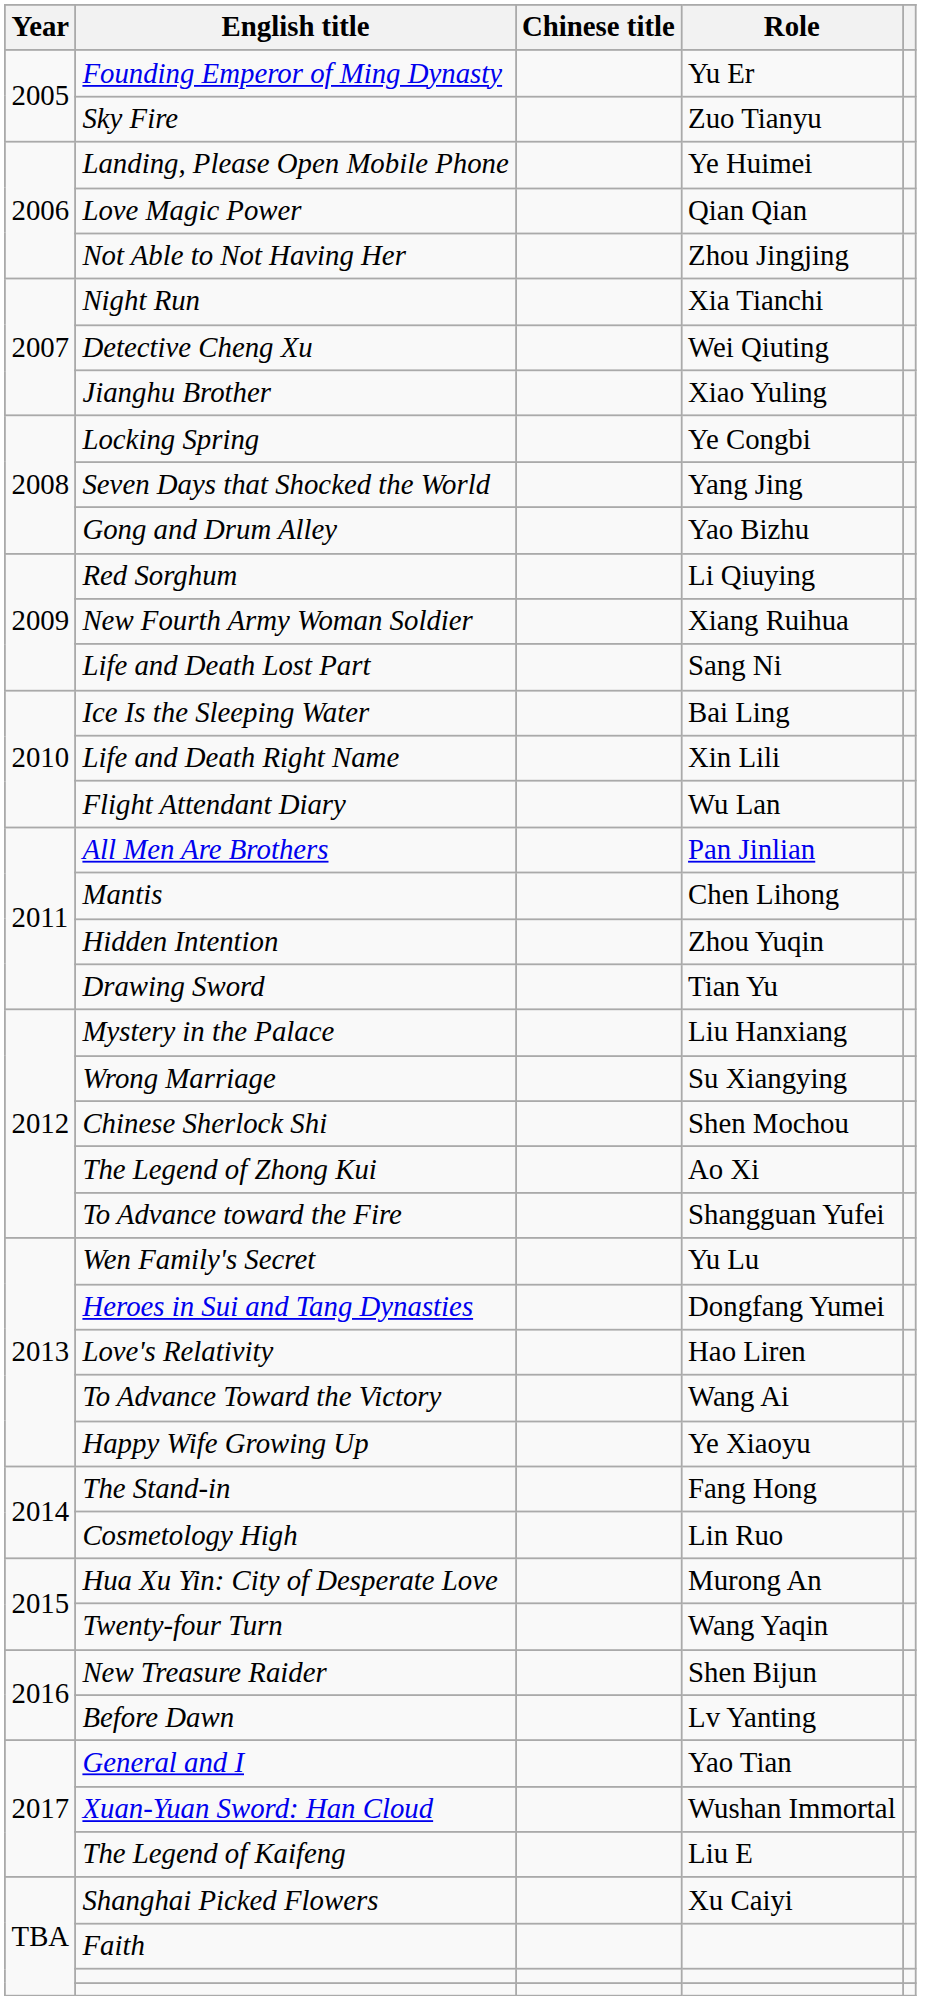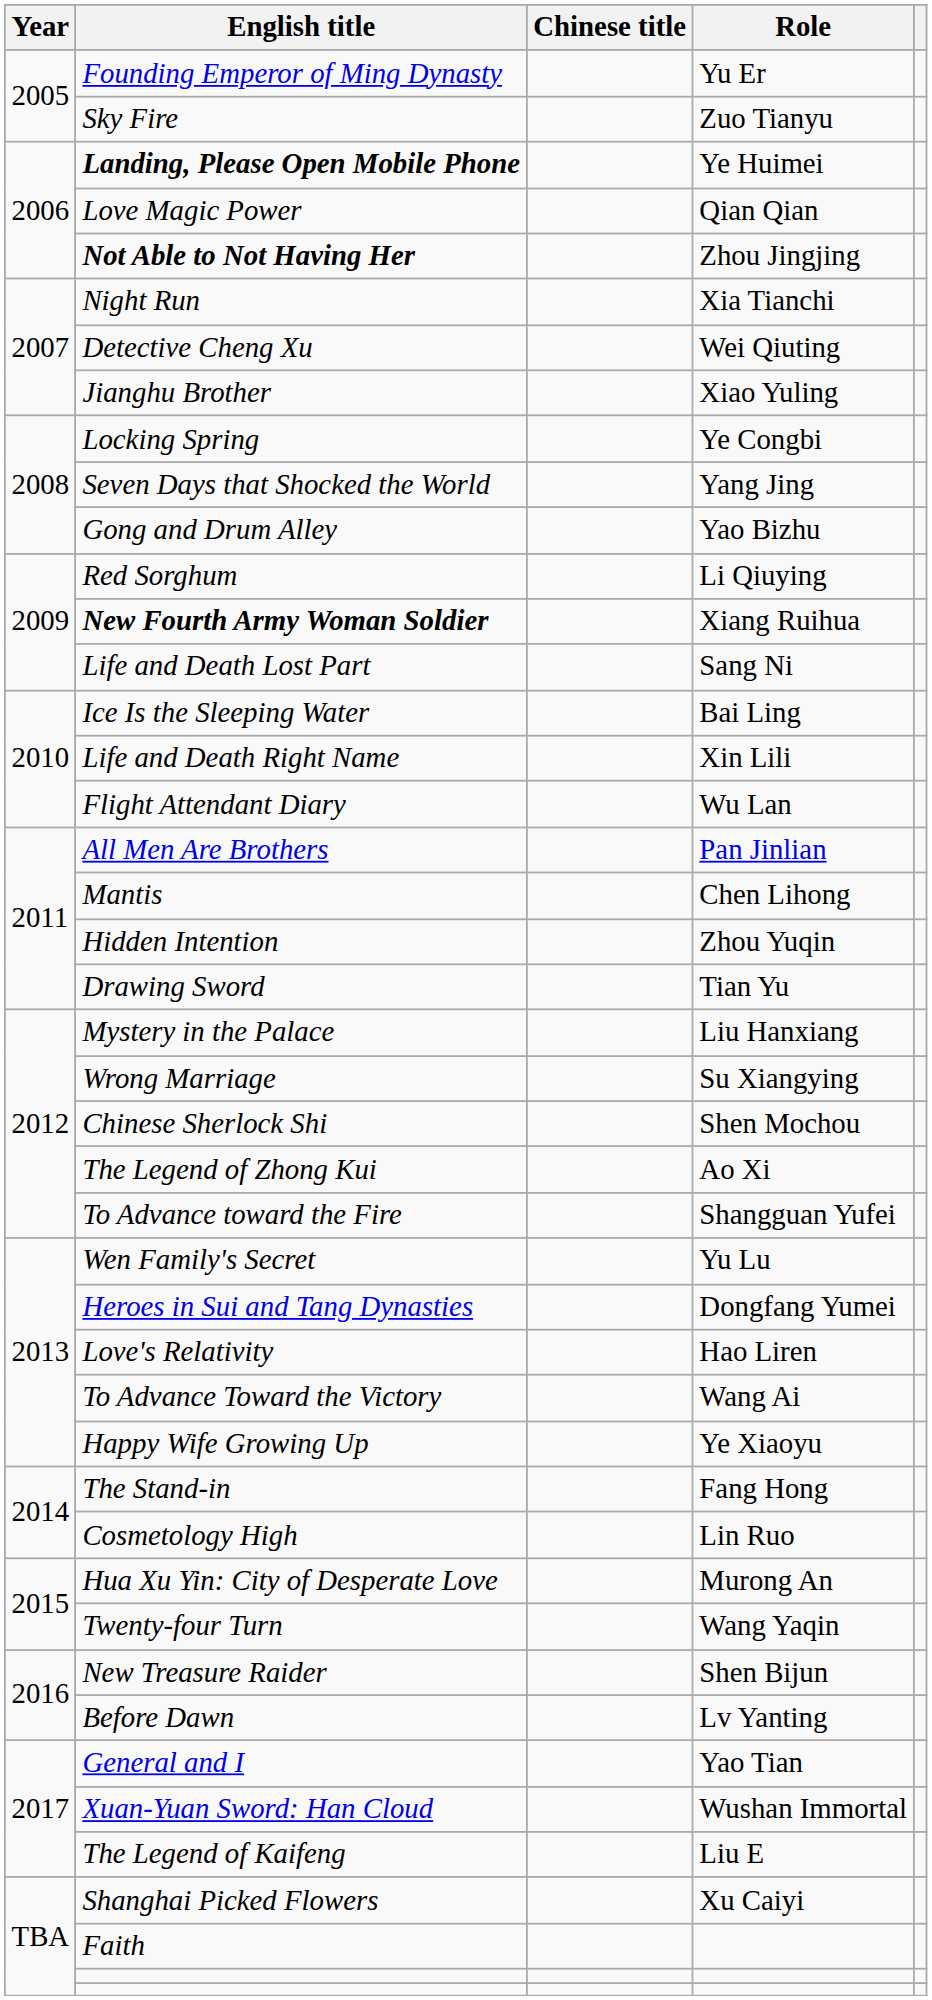 <table class="wikitable">
 <tr>
 <th>Year</th>
 <th>English title</th>
 <th>Chinese title</th>
 <th>Role</th>
 <th></th>
 </tr>
 <tr>
 <td rowspan="2">2005</td>
 <td><em><a href='#'>Founding Emperor of Ming Dynasty</a></em></td>
 <td></td>
 <td>Yu Er</td>
 <td></td>
 </tr>
 <tr>
 <td><em>Sky Fire</em></td>
 <td></td>
 <td>Zuo Tianyu</td>
 <td></td>
 </tr>
 <tr>
 <td rowspan="3">2006</td>
-<td><em>Landing, Please Open Mobile Phone</em></td>
+<td><strong><em>Landing, Please Open Mobile Phone</em></strong></td>
 <td></td>
 <td>Ye Huimei</td>
 <td></td>
 </tr>
 <tr>
 <td><em>Love Magic Power</em></td>
 <td></td>
 <td>Qian Qian</td>
 <td></td>
 </tr>
 <tr>
-<td><em>Not Able to Not Having Her</em></td>
+<td><strong><em>Not Able to Not Having Her</em></strong></td>
 <td></td>
 <td>Zhou Jingjing</td>
 <td></td>
 </tr>
 <tr>
 <td rowspan="3">2007</td>
 <td><em>Night Run</em></td>
 <td></td>
 <td>Xia Tianchi</td>
 <td></td>
 </tr>
 <tr>
 <td><em>Detective Cheng Xu</em></td>
 <td></td>
 <td>Wei Qiuting</td>
 <td></td>
 </tr>
 <tr>
 <td><em>Jianghu Brother</em></td>
 <td></td>
 <td>Xiao Yuling</td>
 <td></td>
 </tr>
 <tr>
 <td rowspan="3">2008</td>
 <td><em>Locking Spring</em></td>
 <td></td>
 <td>Ye Congbi</td>
 <td></td>
 </tr>
 <tr>
 <td><em>Seven Days that Shocked the World</em></td>
 <td></td>
 <td>Yang Jing</td>
 <td></td>
 </tr>
 <tr>
 <td><em>Gong and Drum Alley</em></td>
 <td></td>
 <td>Yao Bizhu</td>
 <td></td>
 </tr>
 <tr>
 <td rowspan="3">2009</td>
 <td><em>Red Sorghum</em></td>
 <td></td>
 <td>Li Qiuying</td>
 <td></td>
 </tr>
 <tr>
-<td><em>New Fourth Army Woman Soldier</em></td>
+<td><strong><em>New Fourth Army Woman Soldier</em></strong></td>
 <td></td>
 <td>Xiang Ruihua</td>
 <td></td>
 </tr>
 <tr>
 <td><em>Life and Death Lost Part</em></td>
 <td></td>
 <td>Sang Ni</td>
 <td></td>
 </tr>
 <tr>
 <td rowspan="3">2010</td>
 <td><em>Ice Is the Sleeping Water</em></td>
 <td></td>
 <td>Bai Ling</td>
 <td></td>
 </tr>
 <tr>
 <td><em>Life and Death Right Name</em></td>
 <td></td>
 <td>Xin Lili</td>
 <td></td>
 </tr>
 <tr>
 <td><em>Flight Attendant Diary</em></td>
 <td></td>
 <td>Wu Lan</td>
 <td></td>
 </tr>
 <tr>
 <td rowspan="4">2011</td>
 <td><em><a href='#'>All Men Are Brothers</a></em></td>
 <td></td>
 <td><a href='#'>Pan Jinlian</a></td>
 <td></td>
 </tr>
 <tr>
 <td><em>Mantis</em></td>
 <td></td>
 <td>Chen Lihong</td>
 <td></td>
 </tr>
 <tr>
 <td><em>Hidden Intention</em></td>
 <td></td>
 <td>Zhou Yuqin</td>
 <td></td>
 </tr>
 <tr>
 <td><em>Drawing Sword</em></td>
 <td></td>
 <td>Tian Yu</td>
 <td></td>
 </tr>
 <tr>
 <td rowspan="5">2012</td>
 <td><em>Mystery in the Palace</em></td>
 <td></td>
 <td>Liu Hanxiang</td>
 <td></td>
 </tr>
 <tr>
 <td><em>Wrong Marriage</em></td>
 <td></td>
 <td>Su Xiangying</td>
 <td></td>
 </tr>
 <tr>
 <td><em>Chinese Sherlock Shi</em></td>
 <td></td>
 <td>Shen Mochou</td>
 <td></td>
 </tr>
 <tr>
 <td><em>The Legend of Zhong Kui</em></td>
 <td></td>
 <td>Ao Xi</td>
 <td></td>
 </tr>
 <tr>
 <td><em>To Advance toward the Fire</em></td>
 <td></td>
 <td>Shangguan Yufei</td>
 <td></td>
 </tr>
 <tr>
 <td rowspan="5">2013</td>
 <td><em>Wen Family's Secret</em></td>
 <td></td>
 <td>Yu Lu</td>
 <td></td>
 </tr>
 <tr>
 <td><em><a href='#'>Heroes in Sui and Tang Dynasties</a></em></td>
 <td></td>
 <td>Dongfang Yumei</td>
 <td></td>
 </tr>
 <tr>
 <td><em>Love's Relativity</em></td>
 <td></td>
 <td>Hao Liren</td>
 <td></td>
 </tr>
 <tr>
 <td><em>To Advance Toward the Victory</em></td>
 <td></td>
 <td>Wang Ai</td>
 <td></td>
 </tr>
 <tr>
 <td><em>Happy Wife Growing Up</em></td>
 <td></td>
 <td>Ye Xiaoyu</td>
 <td></td>
 </tr>
 <tr>
 <td rowspan="2">2014</td>
 <td><em>The Stand-in</em></td>
 <td></td>
 <td>Fang Hong</td>
 <td></td>
 </tr>
 <tr>
 <td><em>Cosmetology High</em></td>
 <td></td>
 <td>Lin Ruo</td>
 <td></td>
 </tr>
 <tr>
 <td rowspan=2>2015</td>
 <td><em>Hua Xu Yin: City of Desperate Love</em></td>
 <td></td>
 <td>Murong An</td>
 <td></td>
 </tr>
 <tr>
 <td><em>Twenty-four Turn</em></td>
 <td></td>
 <td>Wang Yaqin</td>
 <td></td>
 </tr>
 <tr>
 <td rowspan=2>2016</td>
 <td><em>New Treasure Raider</em></td>
 <td></td>
 <td>Shen Bijun</td>
 <td></td>
 </tr>
 <tr>
 <td><em>Before Dawn</em></td>
 <td></td>
 <td>Lv Yanting</td>
 <td></td>
 </tr>
 <tr>
 <td rowspan=3>2017</td>
 <td><em><a href='#'>General and I</a></em></td>
 <td></td>
 <td>Yao Tian</td>
 <td></td>
 </tr>
 <tr>
 <td><em><a href='#'>Xuan-Yuan Sword: Han Cloud</a></em></td>
 <td></td>
 <td>Wushan Immortal</td>
 <td></td>
 </tr>
 <tr>
 <td><em>The Legend of Kaifeng</em></td>
 <td></td>
 <td>Liu E</td>
 <td></td>
 </tr>
 <tr>
 <td rowspan=4>TBA</td>
 <td><em>Shanghai Picked Flowers</em></td>
 <td></td>
 <td>Xu Caiyi</td>
 <td></td>
 </tr>
 <tr>
 <td><em>Faith</em></td>
 <td></td>
 <td></td>
 <td></td>
 </tr>
 <tr>
 <td></td>
 <td></td>
 <td></td>
 <td></td>
 </tr>
 <tr>
 <td></td>
 <td></td>
 <td></td>
 <td></td>
 </tr>
 </table>
